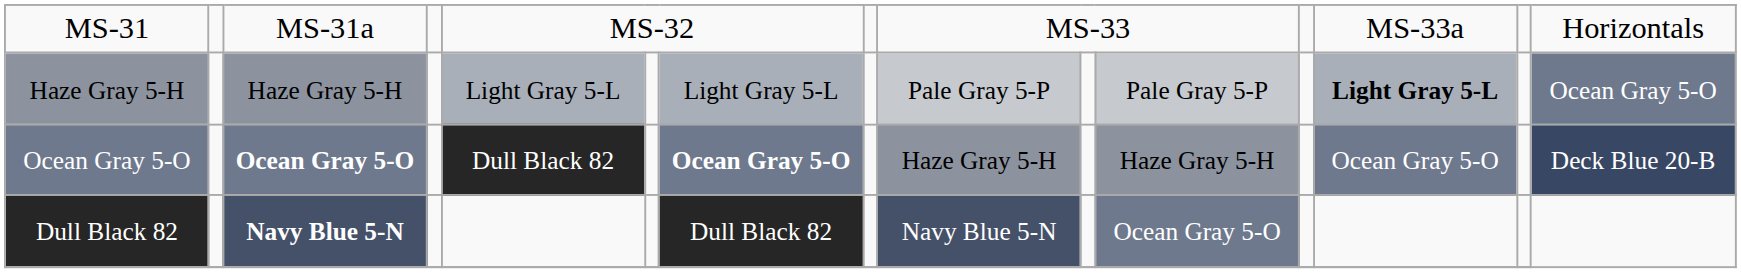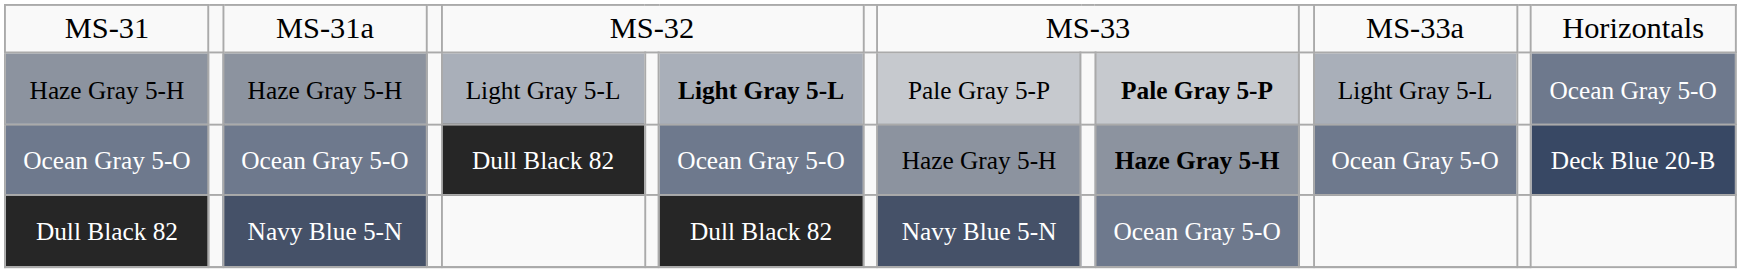 <table class="wikitable" border="1">
 <tr align="center">
 <td>MS-31</td>
 <td></td>
 <td>MS-31a</td>
 <td></td>
 <td colspan=3>MS-32</td>
 <td></td>
 <td colspan=3>MS-33</td>
 <td></td>
 <td>MS-33a</td>
 <td></td>
 <td>Horizontals</td>
 </tr>
 <tr>
 <td Style="height:30px; width:100px; background:#8C939F;" align="center"><small>Haze Gray 5-H</small></td>
 <td></td>
 <td Style="height:30px; width:100px; background:#8C939F;" align="center"><small>Haze Gray 5-H</small></td>
 <td></td>
 <td Style="height:30px; width:100px; background:#A9AFB9;" align="center"><small>Light Gray 5-L</small></td>
 <td></td>
-<td Style="height:30px; width:100px; background:#A9AFB9;" align="center"><small>Light Gray 5-L</small></td>
+<td Style="height:30px; width:100px; background:#A9AFB9;" align="center"><strong><small>Light Gray 5-L</small></strong></td>
 <td></td>
 <td Style="height:30px; width:100px; background:#C6C9CE;" align="center"><small>Pale Gray 5-P</small></td>
 <td></td>
-<td Style="height:30px; width:100px; background:#C6C9CE;" align="center"><small>Pale Gray 5-P</small></td>
+<td Style="height:30px; width:100px; background:#C6C9CE;" align="center"><strong><small>Pale Gray 5-P</small></strong></td>
 <td></td>
-<td Style="height:30px; width:100px; background:#A9AFB9;" align="center"><strong><small>Light Gray 5-L</small></strong></td>
+<td Style="height:30px; width:100px; background:#A9AFB9;" align="center"><small>Light Gray 5-L</small></td>
 <td></td>
 <td Style="height:30px; width:100px; background:#6E798D; color:white;" align="center"><small>Ocean Gray 5-O</small></td>
 </tr>
 <tr>
 <td Style="height:30px; width:100px; background:#6E798D; color:white;" align="center"><small>Ocean Gray 5-O</small></td>
 <td></td>
-<td Style="height:30px; width:100px; background:#6E798D; color:white;" align="center"><strong><small>Ocean Gray 5-O</small></strong></td>
+<td Style="height:30px; width:100px; background:#6E798D; color:white;" align="center"><small>Ocean Gray 5-O</small></td>
 <td></td>
 <td Style="height:30px; width:100px; background:#262626; color:white;" align="center"><small>Dull Black 82</small></td>
 <td></td>
-<td Style="height:30px; width:100px; background:#6E798D; color:white;" align="center"><strong><small>Ocean Gray 5-O</small></strong></td>
+<td Style="height:30px; width:100px; background:#6E798D; color:white;" align="center"><small>Ocean Gray 5-O</small></td>
 <td></td>
 <td Style="height:30px; width:100px; background:#8C939F;" align="center"><small>Haze Gray 5-H</small></td>
 <td></td>
-<td Style="height:30px; width:100px; background:#8C939F;" align="center"><small>Haze Gray 5-H</small></td>
+<td Style="height:30px; width:100px; background:#8C939F;" align="center"><strong><small>Haze Gray 5-H</small></strong></td>
 <td></td>
 <td Style="height:30px; width:100px; background:#6E798D; color:white;" align="center"><small>Ocean Gray 5-O</small></td>
 <td></td>
 <td Style="height:30px; width:100px; background:#384864; color:white;" align="center"><small>Deck Blue 20-B</small></td>
 </tr>
 <tr>
 <td Style="height:30px; width:100px; background:#262626; color:white;" align="center"><small>Dull Black 82</small></td>
 <td></td>
-<td Style="height:30px; width:100px; background:#455168; color:white;" align="center"><strong><small>Navy Blue 5-N</small></strong></td>
+<td Style="height:30px; width:100px; background:#455168; color:white;" align="center"><small>Navy Blue 5-N</small></td>
 <td></td>
 <td></td>
 <td></td>
 <td Style="height:30px; width:100px; background:#262626; color:white;" align="center"><small>Dull Black 82</small></td>
 <td></td>
 <td Style="height:30px; width:100px; background:#455168; color:white;" align="center"><small>Navy Blue 5-N</small></td>
 <td></td>
 <td Style="height:30px; width:100px; background:#6E798D; color:white;" align="center"><small>Ocean Gray 5-O</small></td>
 <td></td>
 <td></td>
 <td></td>
 </tr>
 <tr>
 </tr>
 </table>
